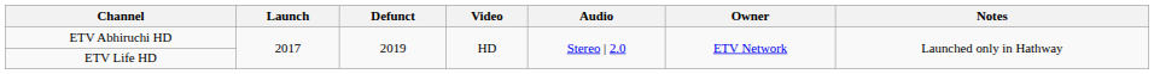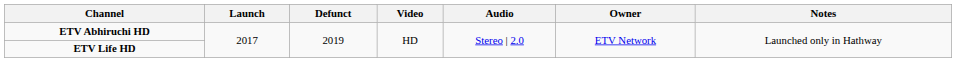 <table class="wikitable sortable" style="border-collapse:collapse; font-size: 90%; text-align:center" width="100%">
 <tr>
 <th>Channel</th>
 <th>Launch</th>
 <th>Defunct</th>
 <th>Video</th>
 <th>Audio</th>
 <th>Owner</th>
 <th>Notes</th>
 </tr>
 <tr>
-<td>ETV Abhiruchi HD</td>
+<td><strong>ETV Abhiruchi HD</strong></td>
 <td rowspan="2">2017</td>
 <td rowspan="2">2019</td>
 <td rowspan="2">HD</td>
 <td rowspan="2"><a href='#'>Stereo</a> | <a href='#'>2.0</a></td>
 <td rowspan="2"><a href='#'>ETV Network</a></td>
 <td rowspan="2">Launched only in Hathway</td>
 </tr>
 <tr>
-<td>ETV Life HD</td>
+<td><strong>ETV Life HD</strong></td>
 </tr>
 </table>
